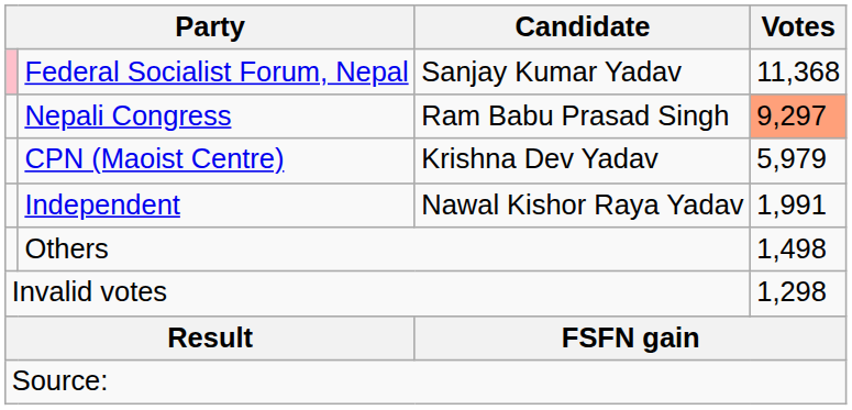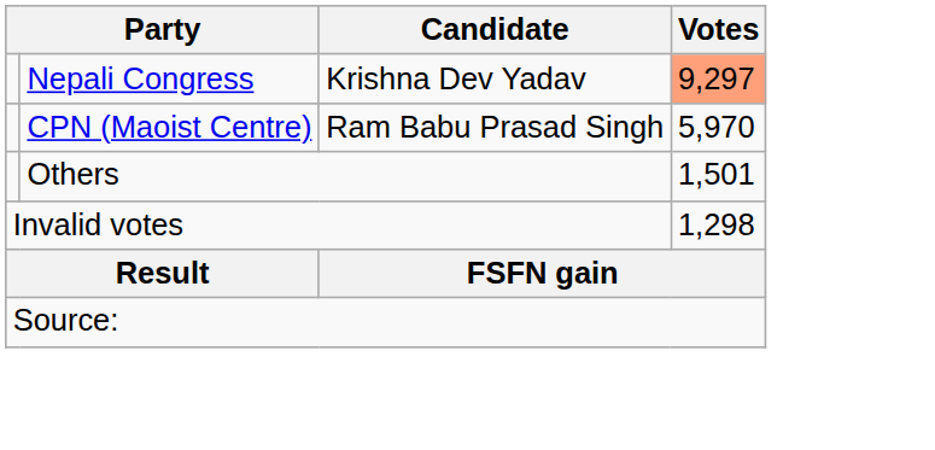 <table class="wikitable">
 <tr>
 <th colspan="2">Party</th>
 <th>Candidate</th>
 <th>Votes</th>
 </tr>
 <tr>
-<td style="background-color:pink"></td>
-<td><a href='#'>Federal Socialist Forum, Nepal</a></td>
-<td>Sanjay Kumar Yadav</td>
-<td>11,368</td>
-</tr>
-<tr>
 <td style="background-color:"></td>
 <td><a href='#'>Nepali Congress</a></td>
-<td>Ram Babu Prasad Singh</td>
+<td>Krishna Dev Yadav</td>
 <td style="background: lightsalmon;">9,297</td>
 </tr>
 <tr>
 <td style="background-color:"></td>
 <td><a href='#'>CPN (Maoist Centre)</a></td>
-<td>Krishna Dev Yadav</td>
-<td>5,979</td>
-</tr>
-<tr>
-<td style="background-color:"></td>
-<td><a href='#'>Independent</a></td>
-<td>Nawal Kishor Raya Yadav</td>
-<td>1,991</td>
+<td>Ram Babu Prasad Singh</td>
+<td>5,970</td>
 </tr>
 <tr>
 <td></td>
 <td colspan="2">Others</td>
-<td>1,498</td>
+<td>1,501</td>
 </tr>
 <tr>
 <td colspan="3">Invalid votes</td>
 <td>1,298</td>
 </tr>
 <tr>
 <th colspan="2">Result</th>
 <th colspan="2">FSFN gain</th>
 </tr>
 <tr>
 <td colspan="4">Source: </td>
 </tr>
 </table>
